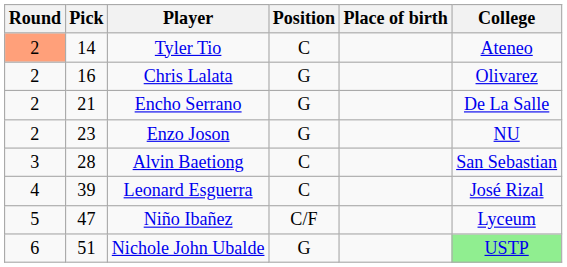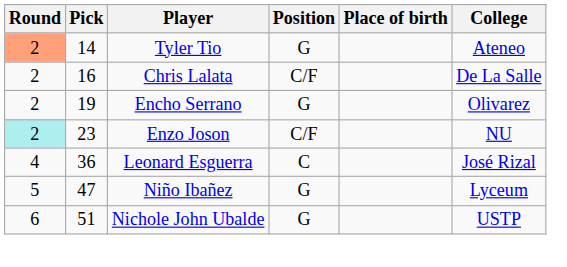 <table class="wikitable sortable sortable" style="text-align:center">
 <tr>
 <th>Round</th>
 <th>Pick</th>
 <th>Player</th>
 <th>Position</th>
 <th>Place of birth</th>
 <th>College</th>
 </tr>
 <tr>
 <td style="background: lightsalmon;">2</td>
 <td>14</td>
 <td><a href='#'>Tyler Tio</a></td>
-<td>C</td>
+<td>G</td>
 <td></td>
 <td><a href='#'>Ateneo</a></td>
 </tr>
 <tr>
 <td>2</td>
 <td>16</td>
 <td><a href='#'>Chris Lalata</a></td>
+<td>C/F</td>
+<td></td>
+<td><a href='#'>De La Salle</a></td>
+</tr>
+<tr>
+<td>2</td>
+<td>19</td>
+<td><a href='#'>Encho Serrano</a></td>
 <td>G</td>
 <td></td>
 <td><a href='#'>Olivarez</a></td>
 </tr>
 <tr>
-<td>2</td>
-<td>21</td>
-<td><a href='#'>Encho Serrano</a></td>
-<td>G</td>
-<td></td>
-<td><a href='#'>De La Salle</a></td>
-</tr>
-<tr>
-<td>2</td>
+<td style="background: paleturquoise;">2</td>
 <td>23</td>
 <td><a href='#'>Enzo Joson</a></td>
-<td>G</td>
+<td>C/F</td>
 <td></td>
 <td><a href='#'>NU</a></td>
 </tr>
 <tr>
-<td>3</td>
-<td>28</td>
-<td><a href='#'>Alvin Baetiong</a></td>
-<td>C</td>
-<td></td>
-<td><a href='#'>San Sebastian</a></td>
-</tr>
-<tr>
 <td>4</td>
-<td>39</td>
+<td>36</td>
 <td><a href='#'>Leonard Esguerra</a></td>
 <td>C</td>
 <td></td>
 <td><a href='#'>José Rizal</a></td>
 </tr>
 <tr>
 <td>5</td>
 <td>47</td>
 <td><a href='#'>Niño Ibañez</a></td>
-<td>C/F</td>
+<td>G</td>
 <td></td>
 <td><a href='#'>Lyceum</a></td>
 </tr>
 <tr>
 <td>6</td>
 <td>51</td>
 <td><a href='#'>Nichole John Ubalde</a></td>
 <td>G</td>
 <td></td>
-<td style="background: lightgreen;"><a href='#'>USTP</a></td>
+<td><a href='#'>USTP</a></td>
 </tr>
 </table>
